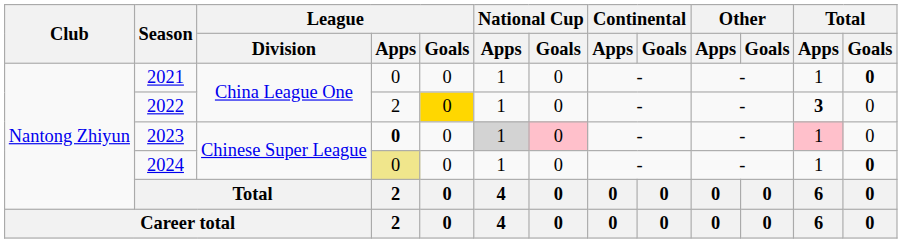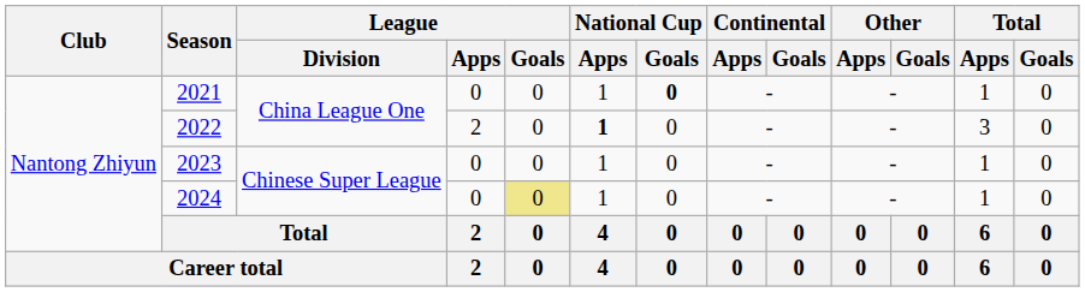 <table class="wikitable" style="text-align: center">
 <tr>
 <th rowspan="2">Club</th>
 <th rowspan="2">Season</th>
 <th colspan="3">League</th>
 <th colspan="2">National Cup</th>
 <th colspan="2">Continental</th>
 <th colspan="2">Other</th>
 <th colspan="2">Total</th>
 </tr>
 <tr>
 <th>Division</th>
 <th>Apps</th>
 <th>Goals</th>
 <th>Apps</th>
 <th>Goals</th>
 <th>Apps</th>
 <th>Goals</th>
 <th>Apps</th>
 <th>Goals</th>
 <th>Apps</th>
 <th>Goals</th>
 </tr>
 <tr>
 <td rowspan=5><a href='#'>Nantong Zhiyun</a></td>
 <td><a href='#'>2021</a></td>
 <td rowspan=2><a href='#'>China League One</a></td>
 <td>0</td>
 <td>0</td>
 <td>1</td>
-<td>0</td>
+<td><strong>0</strong></td>
 <td colspan="2">-</td>
 <td colspan="2">-</td>
 <td>1</td>
-<td><strong>0</strong></td>
+<td>0</td>
 </tr>
 <tr>
 <td><a href='#'>2022</a></td>
 <td>2</td>
-<td style="background: gold;">0</td>
-<td>1</td>
+<td>0</td>
+<td><strong>1</strong></td>
 <td>0</td>
 <td colspan="2">-</td>
 <td colspan="2">-</td>
-<td><strong>3</strong></td>
+<td>3</td>
 <td>0</td>
 </tr>
 <tr>
 <td><a href='#'>2023</a></td>
 <td rowspan=2><a href='#'>Chinese Super League</a></td>
-<td><strong>0</strong></td>
 <td>0</td>
-<td style="background: lightgrey;">1</td>
-<td style="background: pink;">0</td>
-<td colspan="2">-</td>
-<td colspan="2">-</td>
-<td style="background: pink;">1</td>
-<td>0</td>
-</tr>
-<tr>
-<td><a href='#'>2024</a></td>
-<td style="background: khaki;">0</td>
 <td>0</td>
 <td>1</td>
 <td>0</td>
 <td colspan="2">-</td>
 <td colspan="2">-</td>
 <td>1</td>
-<td><strong>0</strong></td>
+<td>0</td>
+</tr>
+<tr>
+<td><a href='#'>2024</a></td>
+<td>0</td>
+<td style="background: khaki;">0</td>
+<td>1</td>
+<td>0</td>
+<td colspan="2">-</td>
+<td colspan="2">-</td>
+<td>1</td>
+<td>0</td>
 </tr>
 <tr>
 <th colspan="2"><strong>Total</strong></th>
 <th>2</th>
 <th>0</th>
 <th>4</th>
 <th>0</th>
 <th>0</th>
 <th>0</th>
 <th>0</th>
 <th>0</th>
 <th>6</th>
 <th>0</th>
 </tr>
 <tr>
 <th colspan=3>Career total</th>
 <th>2</th>
 <th>0</th>
 <th>4</th>
 <th>0</th>
 <th>0</th>
 <th>0</th>
 <th>0</th>
 <th>0</th>
 <th>6</th>
 <th>0</th>
 </tr>
 </table>
